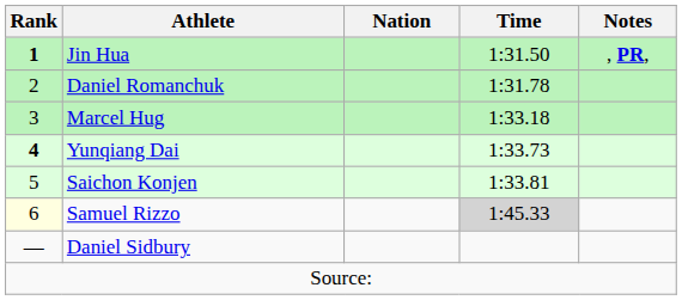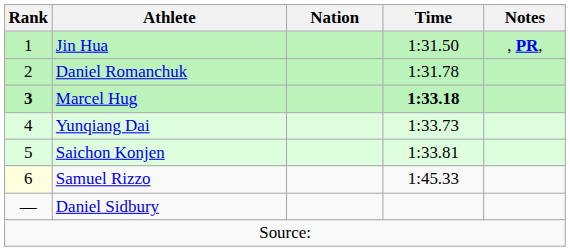 <table class="wikitable sortable" style="text-align:center;width: 60%;">
 <tr>
 <th scope="col" style="width: 10px;">Rank</th>
 <th scope="col">Athlete</th>
 <th scope="col">Nation</th>
 <th scope="col">Time</th>
 <th scope="col">Notes</th>
 </tr>
 <tr bgcolor=bbf3bb>
-<td><strong>1</strong></td>
+<td>1</td>
 <td align=left><a href='#'>Jin Hua</a></td>
 <td align=left></td>
 <td>1:31.50</td>
 <td>, <strong><a href='#'>PR</a></strong>, </td>
 </tr>
 <tr bgcolor=bbf3bb>
 <td>2</td>
 <td align=left><a href='#'>Daniel Romanchuk</a></td>
 <td align=left></td>
 <td>1:31.78</td>
 <td></td>
 </tr>
 <tr bgcolor=bbf3bb>
-<td>3</td>
+<td><strong>3</strong></td>
 <td align=left><a href='#'>Marcel Hug</a></td>
 <td align=left></td>
-<td>1:33.18</td>
+<td><strong>1:33.18</strong></td>
 <td></td>
 </tr>
 <tr bgcolor=ddffdd>
-<td><strong>4</strong></td>
+<td>4</td>
 <td align=left><a href='#'>Yunqiang Dai</a></td>
 <td align=left></td>
 <td>1:33.73</td>
 <td></td>
 </tr>
 <tr bgcolor=ddffdd>
 <td>5</td>
 <td align=left><a href='#'>Saichon Konjen</a></td>
 <td align=left></td>
 <td>1:33.81</td>
 <td></td>
 </tr>
 <tr>
 <td style="background: lightyellow;">6</td>
 <td align=left><a href='#'>Samuel Rizzo</a></td>
 <td align=left></td>
-<td style="background: lightgrey;">1:45.33</td>
+<td>1:45.33</td>
 <td></td>
 </tr>
 <tr>
 <td>—</td>
 <td align=left><a href='#'>Daniel Sidbury</a></td>
 <td align=left></td>
 <td></td>
 <td></td>
 </tr>
 <tr class="sortbottom">
 <td colspan="5">Source:</td>
 </tr>
 </table>
